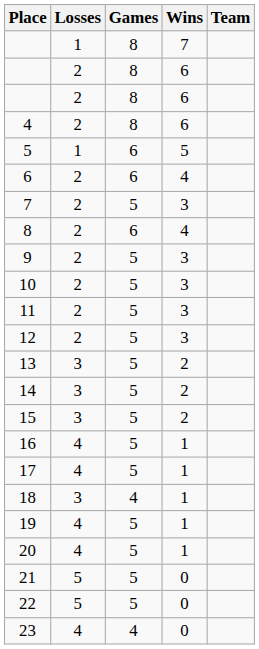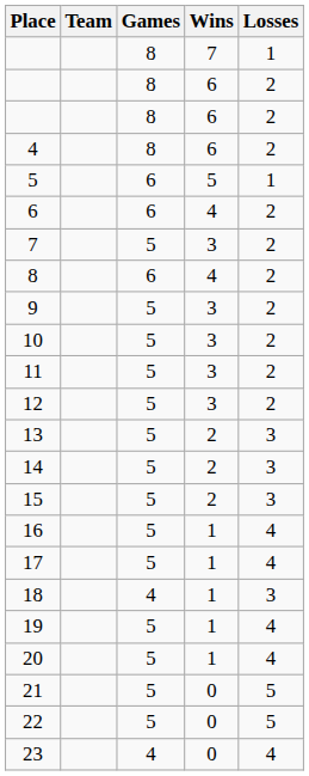 <table class="wikitable" style="text-align:center;">
 <tr>
 <th>Place</th>
-<th>Losses</th>
+<th>Team</th>
 <th>Games</th>
 <th>Wins</th>
-<th>Team</th>
+<th>Losses</th>
 </tr>
 <tr>
 <td></td>
-<td>1</td>
+<td align=left></td>
 <td>8</td>
 <td>7</td>
-<td align=left></td>
+<td>1</td>
 </tr>
 <tr>
 <td></td>
-<td>2</td>
+<td align=left></td>
 <td>8</td>
 <td>6</td>
-<td align=left></td>
+<td>2</td>
 </tr>
 <tr>
 <td></td>
-<td>2</td>
+<td align=left></td>
 <td>8</td>
 <td>6</td>
-<td align=left></td>
+<td>2</td>
 </tr>
 <tr>
 <td>4</td>
-<td>2</td>
+<td align=left></td>
 <td>8</td>
 <td>6</td>
-<td align=left></td>
+<td>2</td>
 </tr>
 <tr>
 <td>5</td>
-<td>1</td>
+<td align=left></td>
 <td>6</td>
 <td>5</td>
-<td align=left></td>
+<td>1</td>
 </tr>
 <tr>
 <td>6</td>
-<td>2</td>
+<td align=left></td>
 <td>6</td>
 <td>4</td>
-<td align=left></td>
+<td>2</td>
 </tr>
 <tr>
 <td>7</td>
-<td>2</td>
+<td align=left></td>
 <td>5</td>
 <td>3</td>
-<td align=left></td>
+<td>2</td>
 </tr>
 <tr>
 <td>8</td>
-<td>2</td>
+<td align=left></td>
 <td>6</td>
 <td>4</td>
-<td align=left></td>
+<td>2</td>
 </tr>
 <tr>
 <td>9</td>
-<td>2</td>
+<td align=left></td>
 <td>5</td>
 <td>3</td>
-<td align=left></td>
+<td>2</td>
 </tr>
 <tr>
 <td>10</td>
-<td>2</td>
+<td align=left></td>
 <td>5</td>
 <td>3</td>
-<td align=left></td>
+<td>2</td>
 </tr>
 <tr>
 <td>11</td>
-<td>2</td>
+<td align=left></td>
 <td>5</td>
 <td>3</td>
-<td align=left></td>
+<td>2</td>
 </tr>
 <tr>
 <td>12</td>
-<td>2</td>
+<td align=left></td>
 <td>5</td>
 <td>3</td>
-<td align=left></td>
+<td>2</td>
 </tr>
 <tr>
 <td>13</td>
-<td>3</td>
+<td align=left></td>
 <td>5</td>
 <td>2</td>
-<td align=left></td>
+<td>3</td>
 </tr>
 <tr>
 <td>14</td>
-<td>3</td>
+<td align=left></td>
 <td>5</td>
 <td>2</td>
-<td align=left></td>
+<td>3</td>
 </tr>
 <tr>
 <td>15</td>
-<td>3</td>
+<td align=left></td>
 <td>5</td>
 <td>2</td>
-<td align=left></td>
+<td>3</td>
 </tr>
 <tr>
 <td>16</td>
-<td>4</td>
+<td align=left></td>
 <td>5</td>
 <td>1</td>
-<td align=left></td>
+<td>4</td>
 </tr>
 <tr>
 <td>17</td>
-<td>4</td>
+<td align=left></td>
 <td>5</td>
 <td>1</td>
-<td align=left></td>
+<td>4</td>
 </tr>
 <tr>
 <td>18</td>
-<td>3</td>
+<td align=left></td>
 <td>4</td>
 <td>1</td>
-<td align=left></td>
+<td>3</td>
 </tr>
 <tr>
 <td>19</td>
-<td>4</td>
+<td align=left></td>
 <td>5</td>
 <td>1</td>
-<td align=left></td>
+<td>4</td>
 </tr>
 <tr>
 <td>20</td>
-<td>4</td>
+<td align=left></td>
 <td>5</td>
 <td>1</td>
-<td align=left></td>
+<td>4</td>
 </tr>
 <tr>
 <td>21</td>
-<td>5</td>
+<td align=left></td>
 <td>5</td>
 <td>0</td>
-<td align=left></td>
+<td>5</td>
 </tr>
 <tr>
 <td>22</td>
-<td>5</td>
+<td align=left></td>
 <td>5</td>
 <td>0</td>
-<td align=left></td>
+<td>5</td>
 </tr>
 <tr>
 <td>23</td>
-<td>4</td>
+<td align=left></td>
 <td>4</td>
 <td>0</td>
-<td align=left></td>
+<td>4</td>
 </tr>
 </table>
